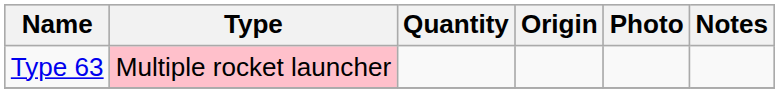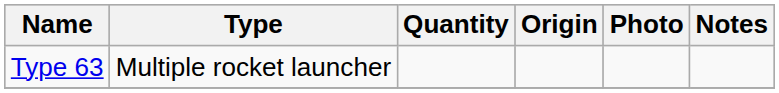 <table class="wikitable sortable" id="tableTempleWikiAl">
 <tr>
 <th>Name</th>
 <th>Type</th>
 <th>Quantity</th>
 <th>Origin</th>
 <th>Photo</th>
 <th>Notes</th>
 </tr>
 <tr>
 <td><a href='#'>Type 63</a></td>
-<td style="background: pink;">Multiple rocket launcher</td>
+<td>Multiple rocket launcher</td>
 <td></td>
 <td></td>
 <td></td>
 <td></td>
 </tr>
 <tr>
 </tr>
 </table>
